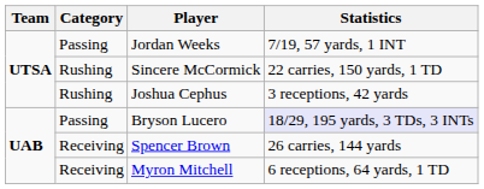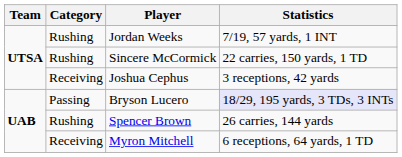 <table class="wikitable" style="float: left;">
 <tr>
 <th>Team</th>
 <th>Category</th>
 <th>Player</th>
 <th>Statistics</th>
 </tr>
 <tr>
 <td rowspan=3><strong>UTSA</strong></td>
-<td>Passing</td>
+<td>Rushing</td>
 <td>Jordan Weeks</td>
 <td>7/19, 57 yards, 1 INT</td>
 </tr>
 <tr>
 <td>Rushing</td>
 <td>Sincere McCormick</td>
 <td>22 carries, 150 yards, 1 TD</td>
 </tr>
 <tr>
-<td>Rushing</td>
+<td>Receiving</td>
 <td>Joshua Cephus</td>
 <td>3 receptions, 42 yards</td>
 </tr>
 <tr>
 <td rowspan=3><strong>UAB</strong></td>
 <td>Passing</td>
 <td>Bryson Lucero</td>
 <td style="background: lavender;">18/29, 195 yards, 3 TDs, 3 INTs</td>
 </tr>
 <tr>
-<td>Receiving</td>
+<td>Rushing</td>
 <td><a href='#'>Spencer Brown</a></td>
 <td>26 carries, 144 yards</td>
 </tr>
 <tr>
 <td>Receiving</td>
 <td><a href='#'>Myron Mitchell</a></td>
 <td>6 receptions, 64 yards, 1 TD</td>
 </tr>
 </table>
